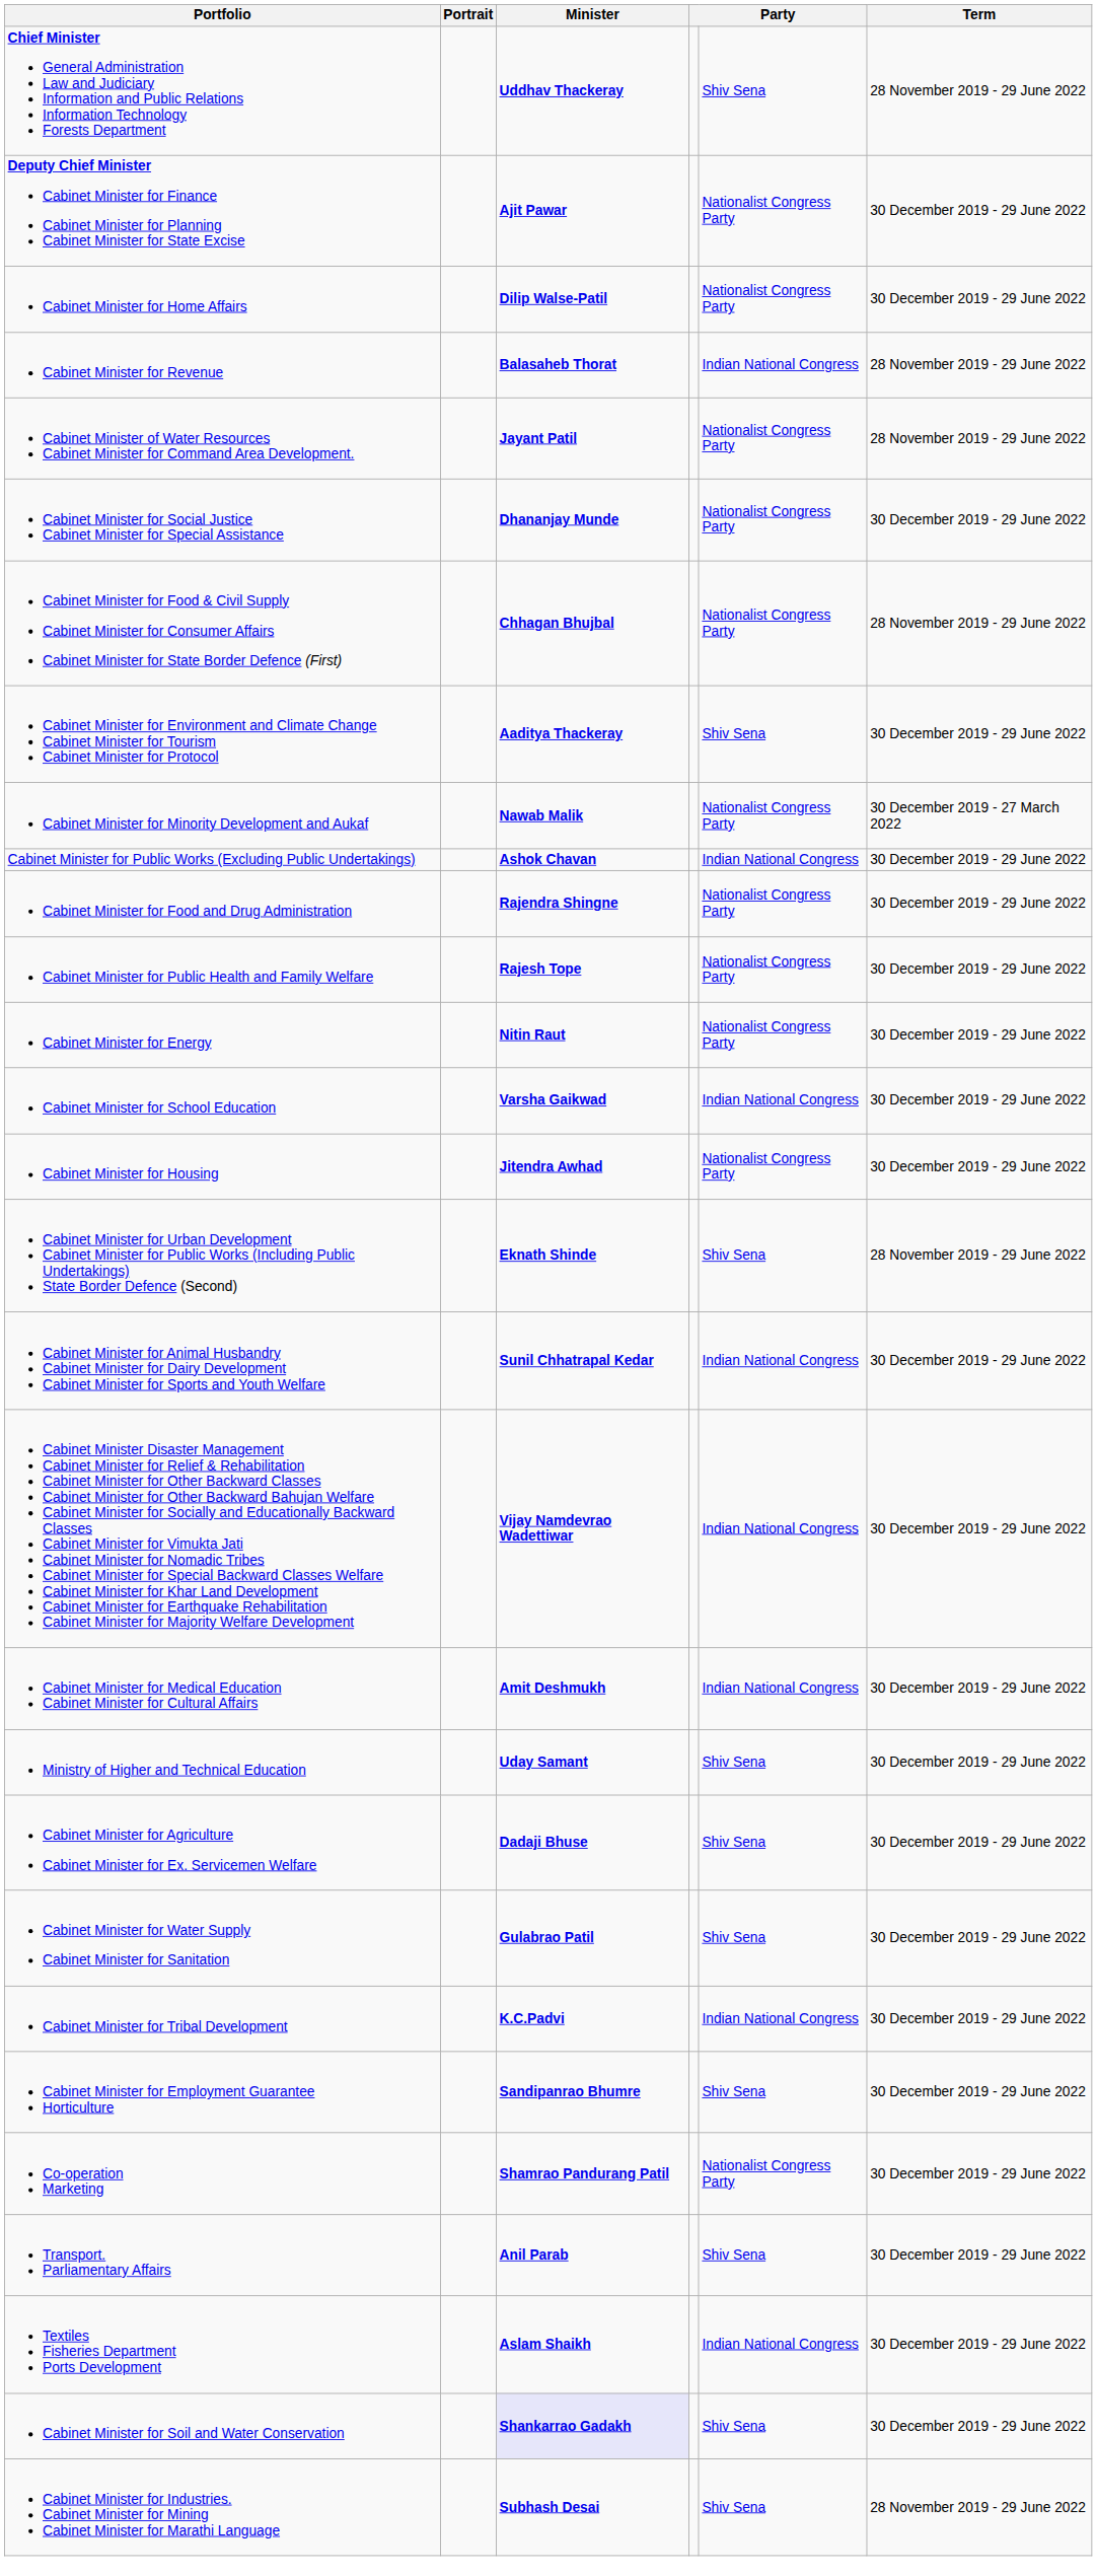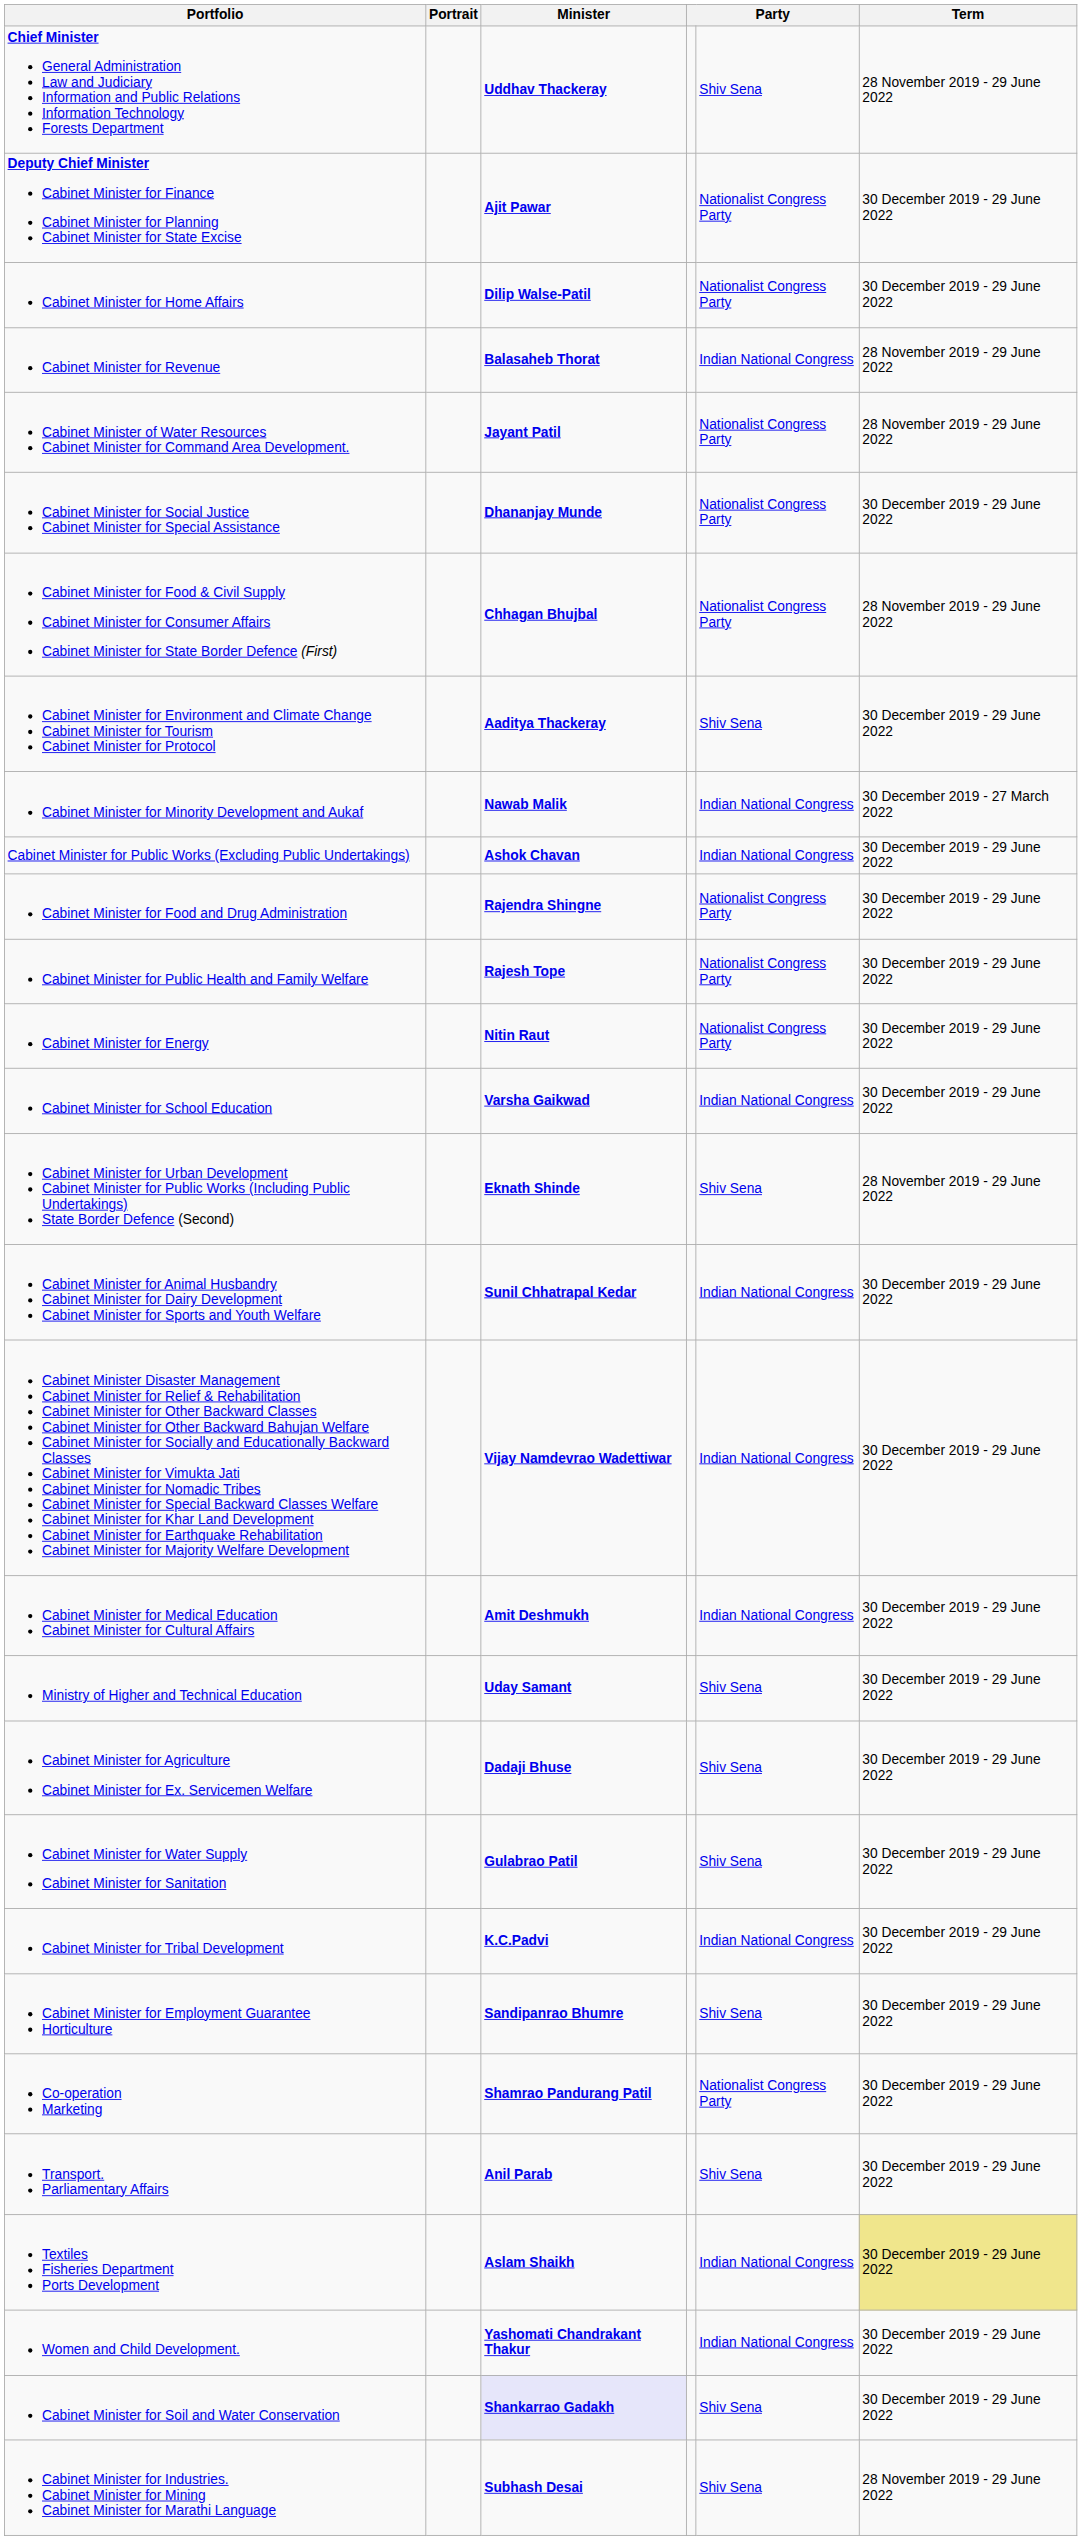 <table class="wikitable">
 <tr>
 <th>Portfolio</th>
 <th>Portrait</th>
 <th>Minister</th>
 <th colspan="2">Party</th>
 <th>Term</th>
 </tr>
 <tr>
 <td><a href='#'><strong>Chief Minister</strong></a><br><ul><li><a href='#'>General Administration</a></li><li><a href='#'>Law and Judiciary</a></li><li><a href='#'>Information and Public Relations</a></li><li><a href='#'>Information Technology</a></li><li><a href='#'>Forests Department</a></li></ul></td>
 <td></td>
 <td><strong><a href='#'>Uddhav Thackeray</a></strong></td>
 <td width="4px"></td>
 <td><a href='#'>Shiv Sena</a></td>
 <td>28 November 2019 - 29 June 2022</td>
 </tr>
 <tr>
 <td><a href='#'><strong>Deputy Chief Minister</strong></a><br><ul><li><a href='#'>Cabinet Minister for Finance</a></li></ul><ul><li><a href='#'>Cabinet Minister for Planning</a></li><li><a href='#'>Cabinet Minister for State Excise</a></li></ul></td>
 <td></td>
 <td><strong><a href='#'>Ajit Pawar</a></strong></td>
 <td width="4px"></td>
 <td><a href='#'>Nationalist Congress Party</a></td>
 <td>30 December 2019 - 29 June 2022</td>
 </tr>
 <tr>
 <td><br><ul><li><a href='#'>Cabinet Minister for Home Affairs</a></li></ul></td>
 <td></td>
 <td><strong><a href='#'>Dilip Walse-Patil</a></strong></td>
 <td width="4px"></td>
 <td><a href='#'>Nationalist Congress Party</a></td>
 <td>30 December 2019 - 29 June 2022</td>
 </tr>
 <tr>
 <td><br><ul><li><a href='#'>Cabinet Minister for Revenue</a></li></ul></td>
 <td></td>
 <td><strong><a href='#'>Balasaheb Thorat</a></strong></td>
 <td width="4px"></td>
 <td><a href='#'>Indian National Congress</a></td>
 <td>28 November 2019 - 29 June 2022</td>
 </tr>
 <tr>
 <td><br><ul><li><a href='#'>Cabinet Minister of Water Resources</a></li><li><a href='#'>Cabinet Minister for Command Area Development.</a></li></ul></td>
 <td></td>
 <td><strong><a href='#'>Jayant Patil</a></strong></td>
 <td width="4px"></td>
 <td><a href='#'>Nationalist Congress Party</a></td>
 <td>28 November 2019 - 29 June 2022</td>
 </tr>
 <tr>
 <td><br><ul><li><a href='#'>Cabinet Minister for Social Justice</a></li><li><a href='#'>Cabinet Minister for Special Assistance</a></li></ul></td>
 <td></td>
 <td><strong><a href='#'>Dhananjay Munde</a></strong></td>
 <td width="4px"></td>
 <td><a href='#'>Nationalist Congress Party</a></td>
 <td>30 December 2019 - 29 June 2022</td>
 </tr>
 <tr>
 <td><br><ul><li><a href='#'>Cabinet Minister for Food & Civil Supply</a></li></ul><ul><li><a href='#'>Cabinet Minister for Consumer Affairs</a></li></ul><ul><li><a href='#'>Cabinet Minister for State Border Defence</a> <em>(First)</em></li></ul></td>
 <td></td>
 <td><strong><a href='#'>Chhagan Bhujbal</a></strong></td>
 <td width="4px"></td>
 <td><a href='#'>Nationalist Congress Party</a></td>
 <td>28 November 2019 - 29 June 2022</td>
 </tr>
 <tr>
 <td><br><ul><li><a href='#'>Cabinet Minister for Environment and Climate Change</a></li><li><a href='#'>Cabinet Minister for Tourism</a></li><li><a href='#'>Cabinet Minister for Protocol</a></li></ul></td>
 <td></td>
 <td><strong><a href='#'>Aaditya Thackeray</a></strong></td>
 <td width="4px"></td>
 <td><a href='#'>Shiv Sena</a></td>
 <td>30 December 2019 - 29 June 2022</td>
 </tr>
 <tr>
 <td><br><ul><li><a href='#'>Cabinet Minister for Minority Development and Aukaf</a></li></ul></td>
 <td></td>
 <td><strong><a href='#'>Nawab Malik</a></strong></td>
 <td width="4px"></td>
-<td><a href='#'>Nationalist Congress Party</a></td>
+<td><a href='#'>Indian National Congress</a></td>
 <td>30 December 2019 - 27 March 2022</td>
 </tr>
 <tr>
 <td><a href='#'>Cabinet Minister for Public Works (Excluding Public Undertakings)</a></td>
 <td></td>
 <td><strong><a href='#'>Ashok Chavan</a></strong></td>
 <td width="4px"></td>
 <td><a href='#'>Indian National Congress</a></td>
 <td>30 December 2019 - 29 June 2022</td>
 </tr>
 <tr>
 <td><br><ul><li><a href='#'>Cabinet Minister for Food and Drug Administration</a></li></ul></td>
 <td></td>
 <td><strong><a href='#'>Rajendra Shingne</a></strong></td>
 <td width="4px"></td>
 <td><a href='#'>Nationalist Congress Party</a></td>
 <td>30 December 2019 - 29 June 2022</td>
 </tr>
 <tr>
 <td><br><ul><li><a href='#'>Cabinet Minister for Public Health and Family Welfare</a></li></ul></td>
 <td></td>
 <td><a href='#'><strong>Rajesh Tope</strong></a></td>
 <td width="4px"></td>
 <td><a href='#'>Nationalist Congress Party</a></td>
 <td>30 December 2019 - 29 June 2022</td>
 </tr>
 <tr>
 <td><br><ul><li><a href='#'>Cabinet Minister for Energy</a></li></ul></td>
 <td></td>
 <td><strong><a href='#'>Nitin Raut</a></strong></td>
 <td width="4px"></td>
 <td><a href='#'>Nationalist Congress Party</a></td>
 <td>30 December 2019 - 29 June 2022</td>
 </tr>
 <tr>
 <td><br><ul><li><a href='#'>Cabinet Minister for School Education</a></li></ul></td>
 <td></td>
 <td><strong><a href='#'>Varsha Gaikwad</a></strong></td>
 <td width="4px"></td>
 <td><a href='#'>Indian National Congress</a></td>
-<td>30 December 2019 - 29 June 2022</td>
-</tr>
-<tr>
-<td><br><ul><li><a href='#'>Cabinet Minister for Housing</a></li></ul></td>
-<td></td>
-<td><strong><a href='#'>Jitendra Awhad</a></strong></td>
-<td width="4px"></td>
-<td><a href='#'>Nationalist Congress Party</a></td>
 <td>30 December 2019 - 29 June 2022</td>
 </tr>
 <tr>
 <td><br><ul><li><a href='#'>Cabinet Minister for Urban Development</a></li><li><a href='#'>Cabinet Minister for Public Works (Including Public Undertakings)</a></li><li><a href='#'>State Border Defence</a> (Second)</li></ul></td>
 <td></td>
 <td><strong><a href='#'>Eknath Shinde</a></strong></td>
 <td width="4px"></td>
 <td><a href='#'>Shiv Sena</a></td>
 <td>28 November 2019 - 29 June 2022</td>
 </tr>
 <tr>
 <td><br><ul><li><a href='#'>Cabinet Minister for Animal Husbandry</a></li><li><a href='#'>Cabinet Minister for Dairy Development</a></li><li><a href='#'>Cabinet Minister for Sports and Youth Welfare</a></li></ul></td>
 <td></td>
 <td><strong><a href='#'>Sunil Chhatrapal Kedar</a></strong></td>
 <td width="4px"></td>
 <td><a href='#'>Indian National Congress</a></td>
 <td>30 December 2019 - 29 June 2022</td>
 </tr>
 <tr>
 <td><br><ul><li><a href='#'>Cabinet Minister Disaster Management</a></li><li><a href='#'>Cabinet Minister for Relief & Rehabilitation</a></li><li><a href='#'>Cabinet Minister for Other Backward Classes</a></li><li><a href='#'>Cabinet Minister for Other Backward Bahujan Welfare</a></li><li><a href='#'>Cabinet Minister for Socially and Educationally Backward Classes</a></li><li><a href='#'>Cabinet Minister for Vimukta Jati</a></li><li><a href='#'>Cabinet Minister for Nomadic Tribes</a></li><li><a href='#'>Cabinet Minister for Special Backward Classes Welfare</a></li><li><a href='#'>Cabinet Minister for Khar Land Development</a></li><li><a href='#'>Cabinet Minister for Earthquake Rehabilitation</a></li><li><a href='#'>Cabinet Minister for Majority Welfare Development</a></li></ul></td>
 <td></td>
 <td><strong><a href='#'>Vijay Namdevrao Wadettiwar</a></strong></td>
 <td width="4px"></td>
 <td><a href='#'>Indian National Congress</a></td>
 <td>30 December 2019 - 29 June 2022</td>
 </tr>
 <tr>
 <td><br><ul><li><a href='#'>Cabinet Minister for Medical Education</a></li><li><a href='#'>Cabinet Minister for Cultural Affairs</a></li></ul></td>
 <td></td>
 <td><strong><a href='#'>Amit Deshmukh</a></strong></td>
 <td width="4px"></td>
 <td><a href='#'>Indian National Congress</a></td>
 <td>30 December 2019 - 29 June 2022</td>
 </tr>
 <tr>
 <td><br><ul><li><a href='#'>Ministry of Higher and Technical Education</a></li></ul></td>
 <td></td>
 <td><strong><a href='#'>Uday Samant</a></strong></td>
 <td width="4px"></td>
 <td><a href='#'>Shiv Sena</a></td>
 <td>30 December 2019 - 29 June 2022</td>
 </tr>
 <tr>
 <td><br><ul><li><a href='#'>Cabinet Minister for Agriculture</a></li></ul><ul><li><a href='#'>Cabinet Minister for Ex. Servicemen Welfare</a></li></ul></td>
 <td></td>
 <td><strong><a href='#'>Dadaji Bhuse</a></strong></td>
 <td width="4px"></td>
 <td><a href='#'>Shiv Sena</a></td>
 <td>30 December 2019 - 29 June 2022</td>
 </tr>
 <tr>
 <td><br><ul><li><a href='#'>Cabinet Minister for Water Supply</a></li></ul><ul><li><a href='#'>Cabinet Minister for Sanitation</a></li></ul></td>
 <td></td>
 <td><strong><a href='#'>Gulabrao Patil</a></strong></td>
 <td width="4px"></td>
 <td><a href='#'>Shiv Sena</a></td>
 <td>30 December 2019 - 29 June 2022</td>
 </tr>
 <tr>
 <td><br><ul><li><a href='#'>Cabinet Minister for Tribal Development</a></li></ul></td>
 <td></td>
 <td><strong><a href='#'>K.C.Padvi</a></strong></td>
 <td width="4px"></td>
 <td><a href='#'>Indian National Congress</a></td>
 <td>30 December 2019 - 29 June 2022</td>
 </tr>
 <tr>
 <td><br><ul><li><a href='#'>Cabinet Minister for Employment Guarantee</a></li><li><a href='#'>Horticulture</a></li></ul></td>
 <td></td>
 <td><strong><a href='#'>Sandipanrao Bhumre</a></strong></td>
 <td width="4px"></td>
 <td><a href='#'>Shiv Sena</a></td>
 <td>30 December 2019 - 29 June 2022</td>
 </tr>
 <tr>
 <td><br><ul><li><a href='#'>Co-operation</a></li><li><a href='#'>Marketing</a></li></ul></td>
 <td></td>
 <td><strong><a href='#'>Shamrao Pandurang Patil</a></strong></td>
 <td width="4px"></td>
 <td><a href='#'>Nationalist Congress Party</a></td>
 <td>30 December 2019 - 29 June 2022</td>
 </tr>
 <tr>
 <td><br><ul><li><a href='#'>Transport.</a></li><li><a href='#'>Parliamentary Affairs</a></li></ul></td>
 <td></td>
 <td><strong><a href='#'>Anil Parab</a></strong></td>
 <td width="4px"></td>
 <td><a href='#'>Shiv Sena</a></td>
 <td>30 December 2019 - 29 June 2022</td>
 </tr>
 <tr>
 <td><br><ul><li><a href='#'>Textiles</a></li><li><a href='#'>Fisheries Department</a></li><li><a href='#'>Ports Development</a></li></ul></td>
 <td></td>
 <td><strong><a href='#'>Aslam Shaikh</a></strong></td>
 <td width="4px"></td>
 <td><a href='#'>Indian National Congress</a></td>
+<td style="background: khaki;">30 December 2019 - 29 June 2022</td>
+</tr>
+<tr>
+<td><br><ul><li><a href='#'>Women and Child Development.</a></li></ul></td>
+<td></td>
+<td><strong><a href='#'>Yashomati Chandrakant Thakur</a></strong></td>
+<td width="4px"></td>
+<td><a href='#'>Indian National Congress</a></td>
 <td>30 December 2019 - 29 June 2022</td>
 </tr>
 <tr>
 <td><br><ul><li><a href='#'>Cabinet Minister for Soil and Water Conservation</a></li></ul></td>
 <td></td>
 <td style="background: lavender;"><strong><a href='#'>Shankarrao Gadakh</a></strong></td>
 <td width="4px"></td>
 <td><a href='#'>Shiv Sena</a></td>
 <td>30 December 2019 - 29 June 2022</td>
 </tr>
 <tr>
 <td><br><ul><li><a href='#'>Cabinet Minister for Industries.</a></li><li><a href='#'>Cabinet Minister for Mining</a></li><li><a href='#'>Cabinet Minister for Marathi Language</a></li></ul></td>
 <td></td>
 <td><strong><a href='#'>Subhash Desai</a></strong></td>
 <td width="4px"></td>
 <td><a href='#'>Shiv Sena</a></td>
 <td>28 November 2019 - 29 June 2022</td>
 </tr>
 </table>
